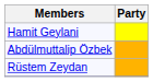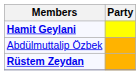 <table class=wikitable style="border:1px solid #8888aa; background-color:#f7f8ff; padding:0px; font-size:90%;">
 <tr>
 <th>Members</th>
 <th colspan="2">Party</th>
 </tr>
 <tr>
-<td><a href='#'>Hamit Geylani</a></td>
+<td><strong><a href='#'>Hamit Geylani</a></strong></td>
 <td style="background: #ffff00"></td>
 </tr>
 <tr>
 <td><a href='#'>Abdülmuttalip Özbek</a></td>
 <td style="background: #ffb300"></td>
 </tr>
 <tr>
-<td><a href='#'>Rüstem Zeydan</a></td>
+<td><strong><a href='#'>Rüstem Zeydan</a></strong></td>
 <td style="background: #ffb300"></td>
 </tr>
 <tr>
 </tr>
 </table>
